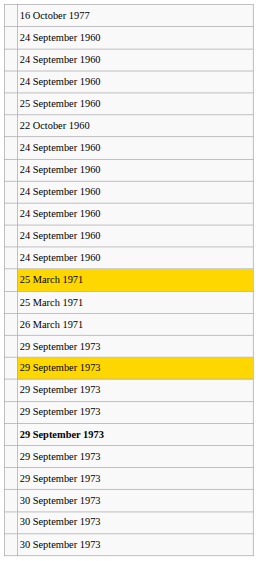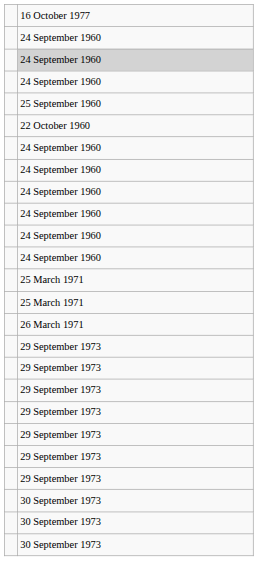 <table class="wikitable" style="font-size: 89%; float: left; width: 24em; margin-right: 1em; line-height: 1.65em">
 <tr>
 <td></td>
 <td>16 October 1977</td>
 </tr>
 <tr>
 <td></td>
 <td>24 September 1960</td>
 </tr>
 <tr>
 <td></td>
-<td>24 September 1960</td>
+<td style="background: lightgrey;">24 September 1960</td>
 </tr>
 <tr>
 <td></td>
 <td>24 September 1960</td>
 </tr>
 <tr>
 <td></td>
 <td>25 September 1960</td>
 </tr>
 <tr>
 <td></td>
 <td>22 October 1960</td>
 </tr>
 <tr>
 <td></td>
 <td>24 September 1960</td>
 </tr>
 <tr>
 <td></td>
 <td>24 September 1960</td>
 </tr>
 <tr>
 <td></td>
 <td>24 September 1960</td>
 </tr>
 <tr>
 <td></td>
 <td>24 September 1960</td>
 </tr>
 <tr>
 <td></td>
 <td>24 September 1960</td>
 </tr>
 <tr>
 <td></td>
 <td>24 September 1960</td>
 </tr>
 <tr>
 <td></td>
-<td style="background: gold;">25 March 1971</td>
+<td>25 March 1971</td>
 </tr>
 <tr>
 <td></td>
 <td>25 March 1971</td>
 </tr>
 <tr>
 <td></td>
 <td>26 March 1971</td>
 </tr>
 <tr>
 <td></td>
 <td>29 September 1973</td>
 </tr>
 <tr>
 <td></td>
-<td style="background: gold;">29 September 1973</td>
+<td>29 September 1973</td>
 </tr>
 <tr>
 <td></td>
 <td>29 September 1973</td>
 </tr>
 <tr>
 <td></td>
 <td>29 September 1973</td>
 </tr>
 <tr>
 <td></td>
-<td><strong>29 September 1973</strong></td>
+<td>29 September 1973</td>
 </tr>
 <tr>
 <td></td>
 <td>29 September 1973</td>
 </tr>
 <tr>
 <td></td>
 <td>29 September 1973</td>
 </tr>
 <tr>
 <td></td>
 <td>30 September 1973</td>
 </tr>
 <tr>
 <td></td>
 <td>30 September 1973</td>
 </tr>
 <tr>
 <td></td>
 <td>30 September 1973</td>
 </tr>
 </table>
